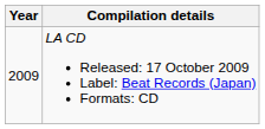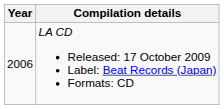 <table class="wikitable" style="text-align:center;">
 <tr>
 <th>Year</th>
 <th>Compilation details</th>
 </tr>
 <tr>
-<td>2009</td>
+<td>2006</td>
 <td align="left"><em>LA CD</em><br><ul><li>Released: 17 October 2009</li><li>Label: <a href='#'>Beat Records (Japan)</a></li><li>Formats: CD</li></ul></td>
 </tr>
 </table>
